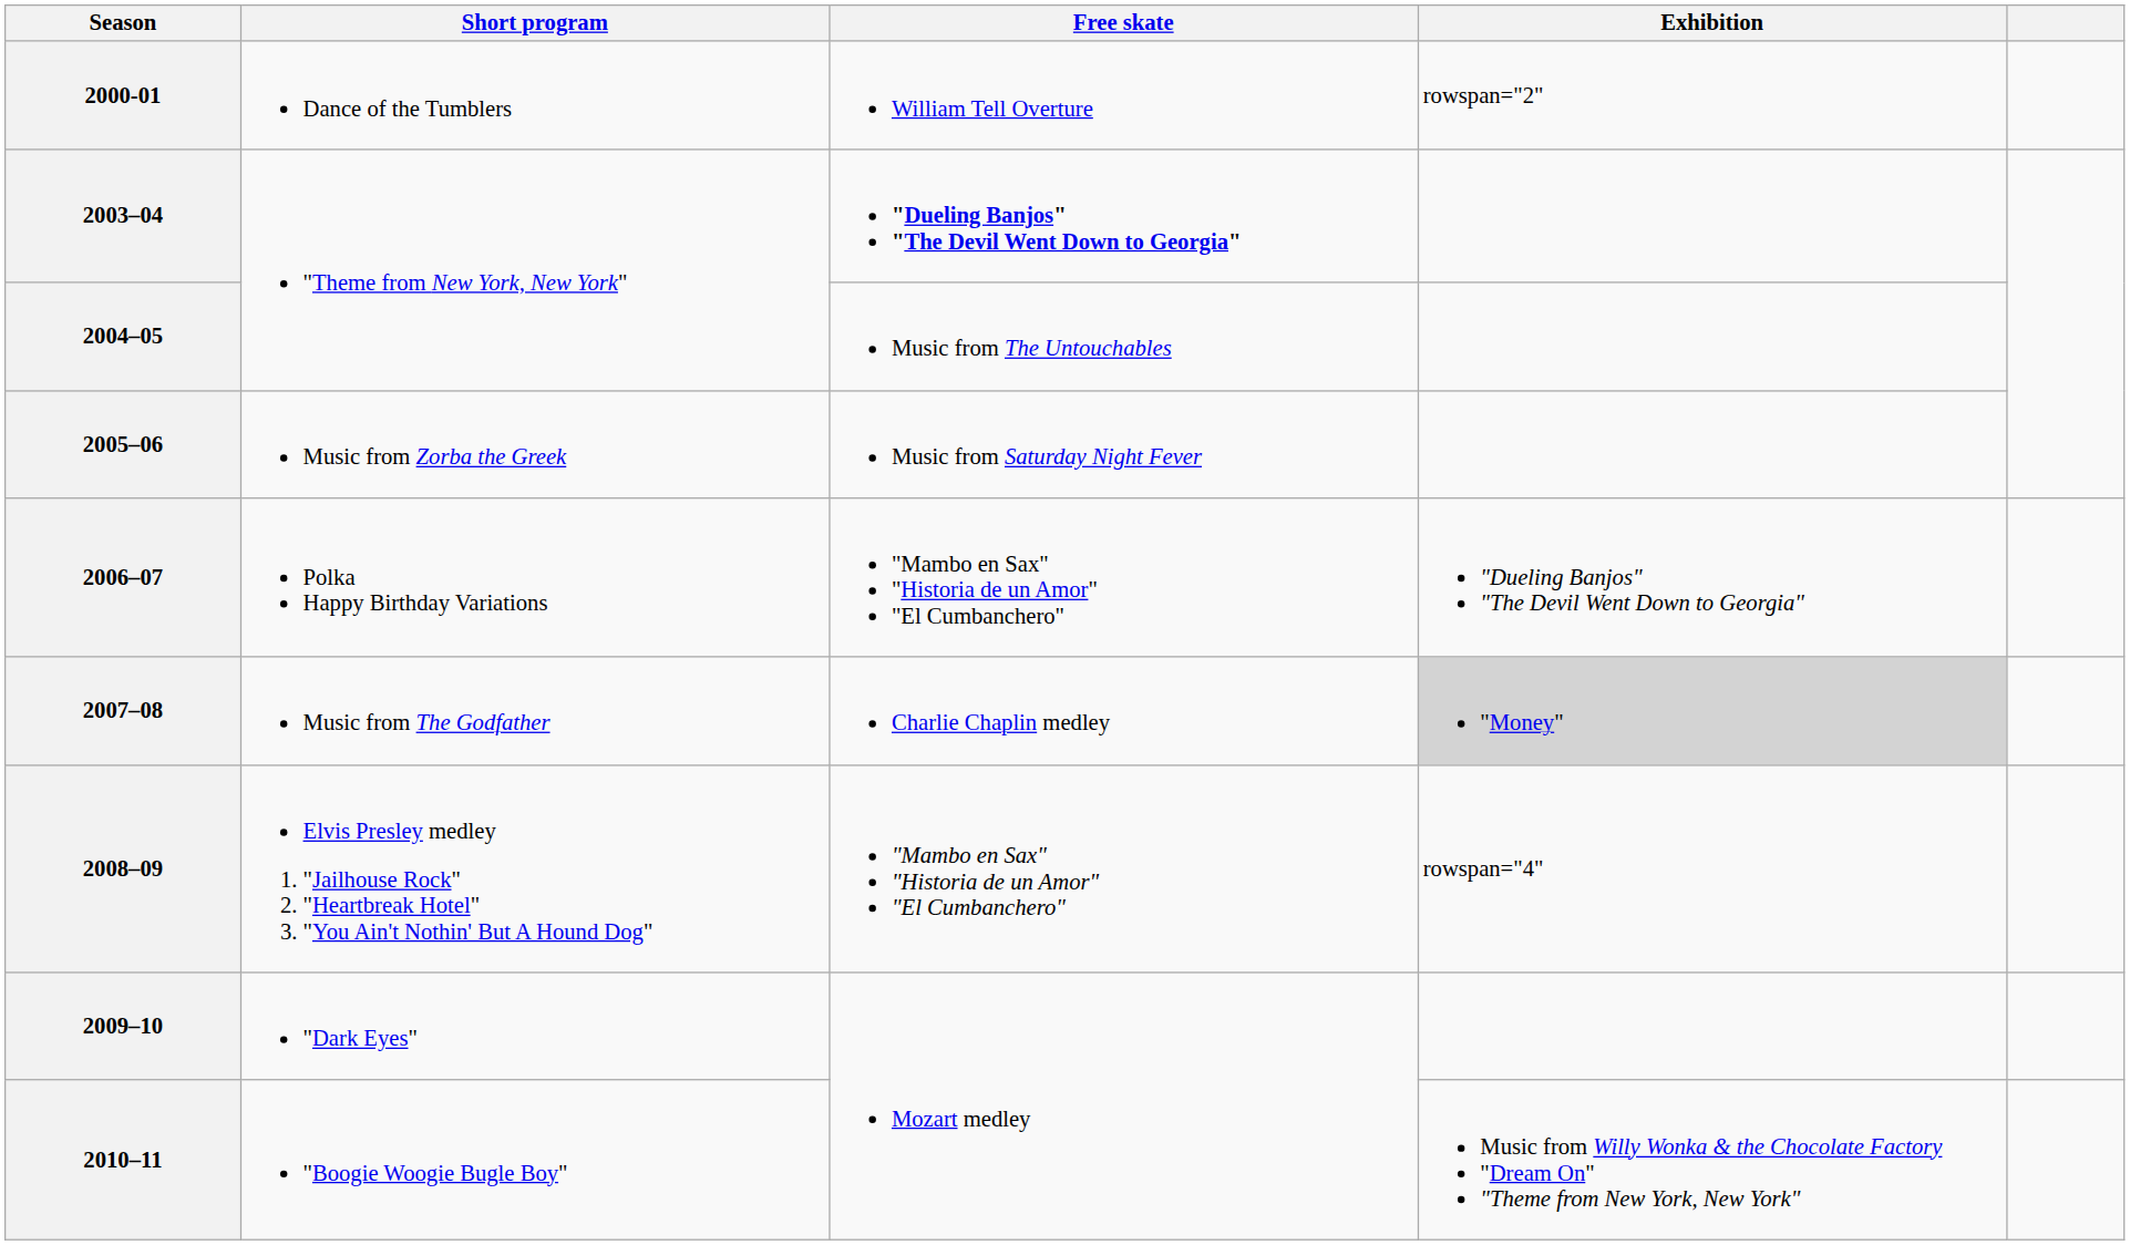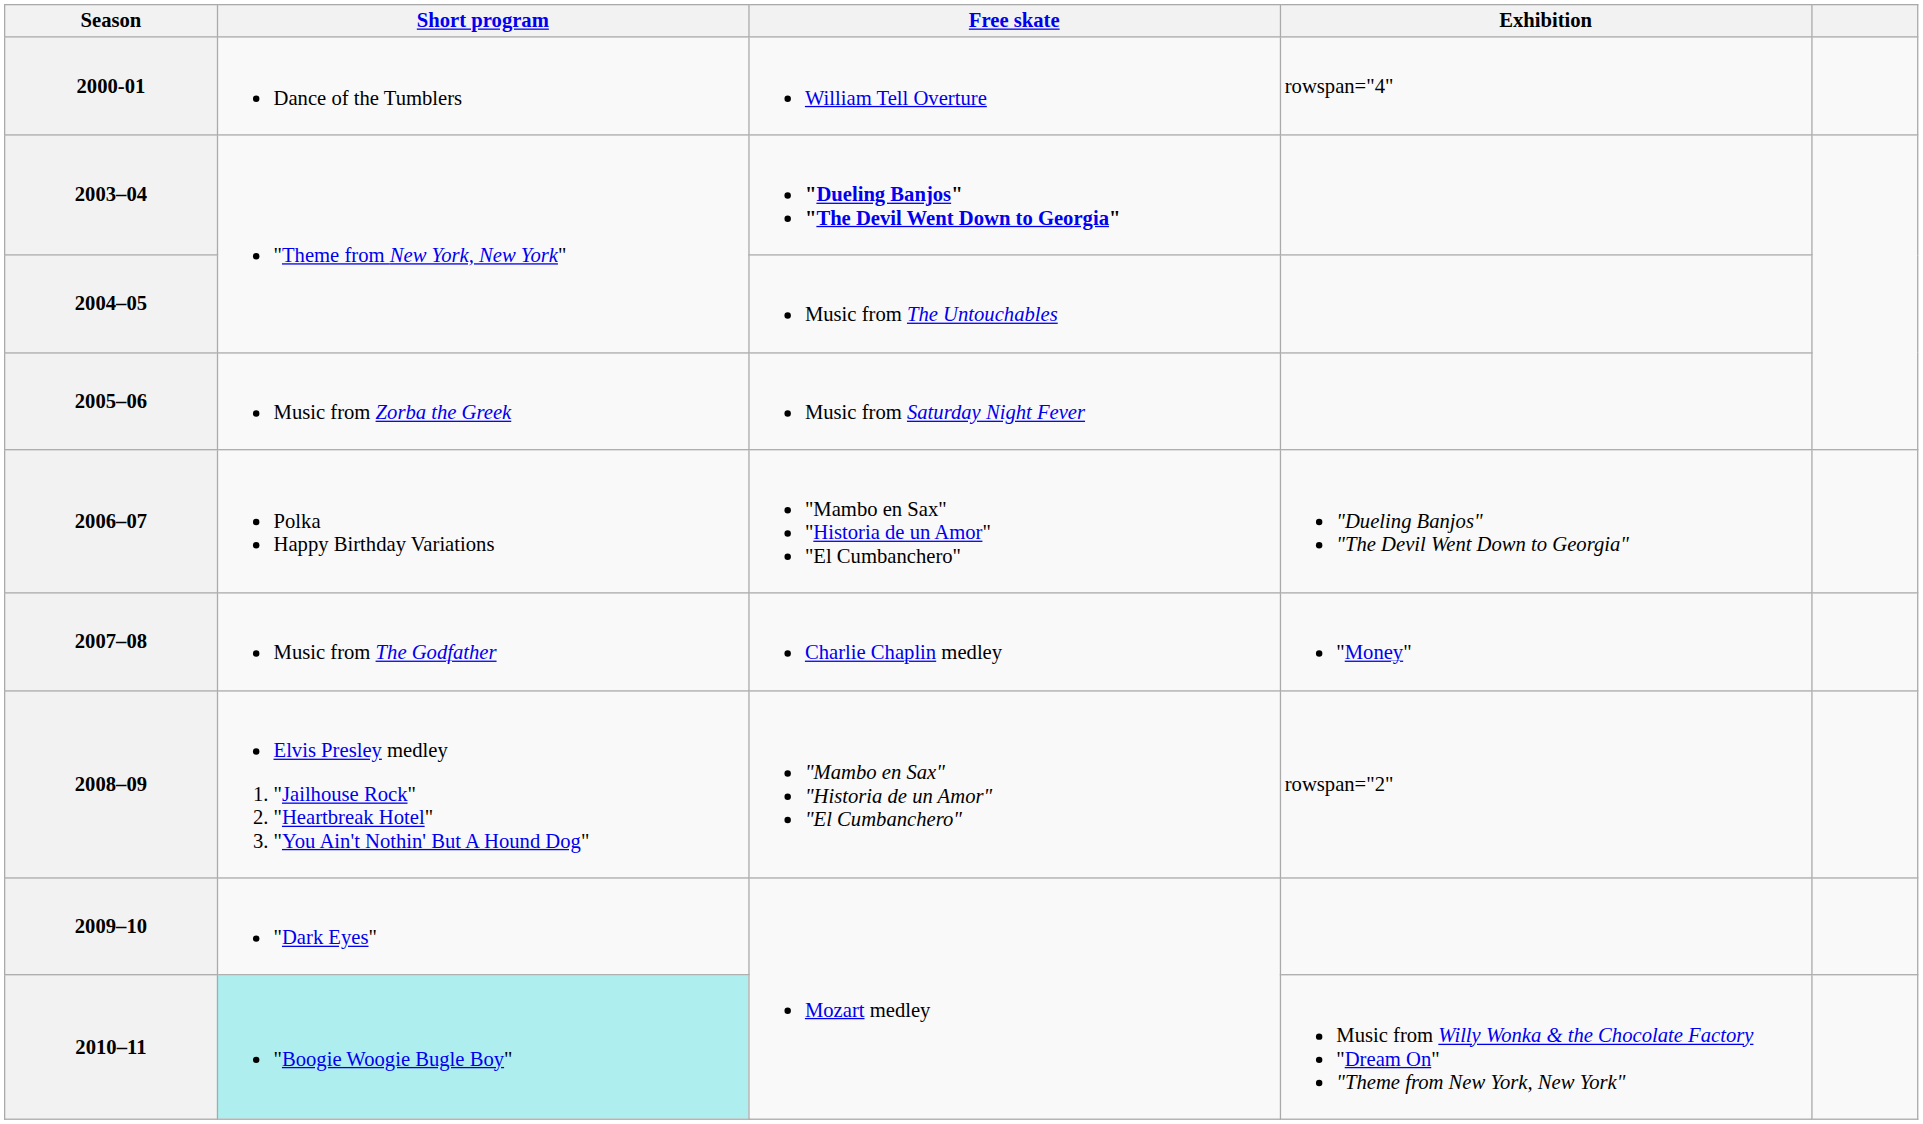 <table class="wikitable unsortable" style="text-align:left">
 <tr>
 <th scope="col" style="text-align:center; width:10%">Season</th>
 <th scope="col" style="text-align:center; width:25%"><a href='#'>Short program</a></th>
 <th scope="col" style="text-align:center; width:25%"><a href='#'>Free skate</a></th>
 <th scope="col" style="text-align:center; width:25%">Exhibition</th>
 <th scope="col" style="text-align:center; width:5%"></th>
 </tr>
 <tr>
 <th scope="row">2000-01</th>
 <td><br><ul><li>Dance of the Tumblers<br></li></ul></td>
 <td><br><ul><li><a href='#'>William Tell Overture</a><br></li></ul></td>
-<td>rowspan="2" </td>
+<td>rowspan="4" </td>
 <td></td>
 </tr>
 <tr>
 <th scope="row">2003–04</th>
 <td rowspan="2"><br><ul><li>"<a href='#'>Theme from <em>New York, New York</em></a>"<br></li></ul></td>
 <td><strong><br><ul><li>"<a href='#'>Dueling Banjos</a>"</li><li>"<a href='#'>The Devil Went Down to Georgia</a>"</li></ul></strong></td>
 <td></td>
 </tr>
 <tr>
 <th scope="row">2004–05</th>
 <td><br><ul><li>Music from <em><a href='#'>The Untouchables</a></em><br></li></ul></td>
 <td></td>
 </tr>
 <tr>
 <th scope="row">2005–06</th>
 <td><br><ul><li>Music from <em><a href='#'>Zorba the Greek</a></em></li></ul></td>
 <td><br><ul><li>Music from <em><a href='#'>Saturday Night Fever</a></em></li></ul></td>
 <td></td>
 </tr>
 <tr>
 <th scope="row">2006–07</th>
 <td><br><ul><li>Polka</li><li>Happy Birthday Variations<br></li></ul></td>
 <td><br><ul><li>"Mambo en Sax"</li><li>"<a href='#'>Historia de un Amor</a>"</li><li>"El Cumbanchero"<br></li></ul></td>
 <td><br><ul><li><em>"Dueling Banjos"</em></li><li><em>"The Devil Went Down to Georgia"</em></li></ul></td>
 <td></td>
 </tr>
 <tr>
 <th scope="row">2007–08</th>
 <td><br><ul><li>Music from <em><a href='#'>The Godfather</a></em><br></li></ul></td>
 <td><br><ul><li><a href='#'>Charlie Chaplin</a> medley</li></ul></td>
-<td style="background: lightgrey;"><br><ul><li>"<a href='#'>Money</a>"<br></li></ul></td>
+<td><br><ul><li>"<a href='#'>Money</a>"<br></li></ul></td>
 <td></td>
 </tr>
 <tr>
 <th scope="row">2008–09</th>
 <td><br><ul><li><a href='#'>Elvis Presley</a> medley</li></ul><ol><li>"<a href='#'>Jailhouse Rock</a>"</li><li>"<a href='#'>Heartbreak Hotel</a>"</li><li>"<a href='#'>You Ain't Nothin' But A Hound Dog</a>"<br></li></ol></td>
 <td><br><ul><li><em>"Mambo en Sax"</em></li><li><em>"Historia de un Amor"</em></li><li><em>"El Cumbanchero"</em></li></ul></td>
-<td>rowspan="4" </td>
+<td>rowspan="2" </td>
 <td></td>
 </tr>
 <tr>
 <th scope="row">2009–10</th>
 <td><br><ul><li>"<a href='#'>Dark Eyes</a>"<br></li></ul></td>
 <td rowspan="2"><br><ul><li><a href='#'>Mozart</a> medley</li></ul></td>
 <td></td>
 </tr>
 <tr>
 <th scope="row">2010–11</th>
-<td><br><ul><li>"<a href='#'>Boogie Woogie Bugle Boy</a>"</li></ul></td>
+<td style="background: paleturquoise;"><br><ul><li>"<a href='#'>Boogie Woogie Bugle Boy</a>"</li></ul></td>
 <td><br><ul><li>Music from <em><a href='#'>Willy Wonka & the Chocolate Factory</a></em></li><li>"<a href='#'>Dream On</a>"<br></li><li><em>"Theme from New York, New York"</em></li></ul></td>
 <td></td>
 </tr>
 </table>
